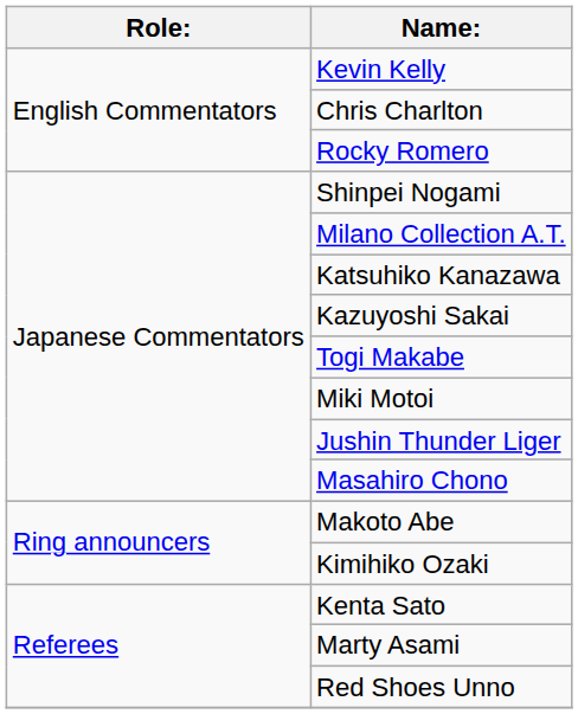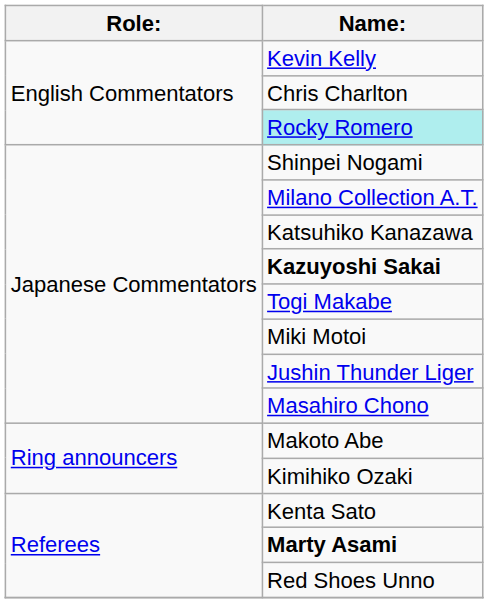 <table class=wikitable style="font-size:90%; margin: 0.5em 0 0.5em 1em; float: right; clear: right;">
 <tr>
 <th>Role:</th>
 <th>Name:</th>
 </tr>
 <tr>
 <td rowspan="3">English Commentators</td>
 <td><a href='#'>Kevin Kelly</a></td>
 </tr>
 <tr>
 <td>Chris Charlton</td>
 </tr>
 <tr>
-<td><a href='#'>Rocky Romero</a></td>
+<td style="background: paleturquoise;"><a href='#'>Rocky Romero</a></td>
 </tr>
 <tr>
 <td rowspan=8>Japanese Commentators</td>
 <td>Shinpei Nogami</td>
 </tr>
 <tr>
 <td><a href='#'>Milano Collection A.T.</a></td>
 </tr>
 <tr>
 <td>Katsuhiko Kanazawa</td>
 </tr>
 <tr>
-<td>Kazuyoshi Sakai</td>
+<td><strong>Kazuyoshi Sakai</strong></td>
 </tr>
 <tr>
 <td><a href='#'>Togi Makabe</a></td>
 </tr>
 <tr>
 <td>Miki Motoi</td>
 </tr>
 <tr>
 <td><a href='#'>Jushin Thunder Liger</a></td>
 </tr>
 <tr>
 <td><a href='#'>Masahiro Chono</a></td>
 </tr>
 <tr>
 <td rowspan=2><a href='#'>Ring announcers</a></td>
 <td>Makoto Abe</td>
 </tr>
 <tr>
 <td>Kimihiko Ozaki</td>
 </tr>
 <tr>
 <td rowspan="3"><a href='#'>Referees</a></td>
 <td>Kenta Sato</td>
 </tr>
 <tr>
-<td>Marty Asami</td>
+<td><strong>Marty Asami</strong></td>
 </tr>
 <tr>
 <td>Red Shoes Unno</td>
 </tr>
 <tr>
 </tr>
 </table>
